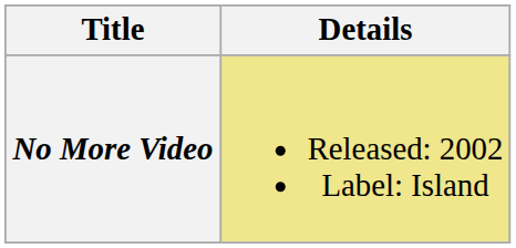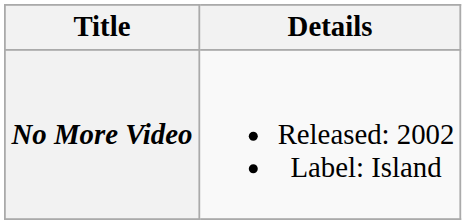 <table class="wikitable plainrowheaders" style="text-align:center;">
 <tr>
 <th scope="col">Title</th>
 <th scope="col">Details</th>
 </tr>
 <tr>
 <th scope="row"><em>No More Video</em></th>
-<td style="background: khaki;"><br><ul><li>Released: 2002</li><li>Label: Island</li></ul></td>
+<td><br><ul><li>Released: 2002</li><li>Label: Island</li></ul></td>
 </tr>
 </table>
